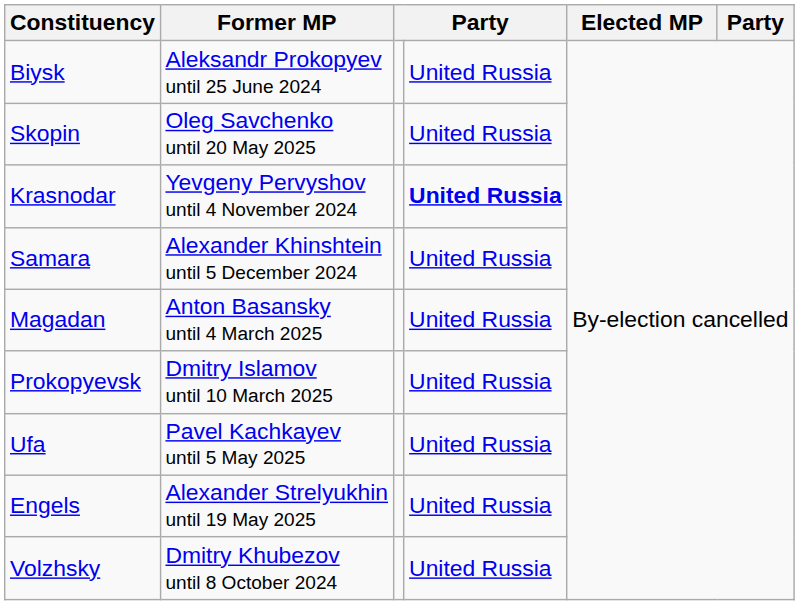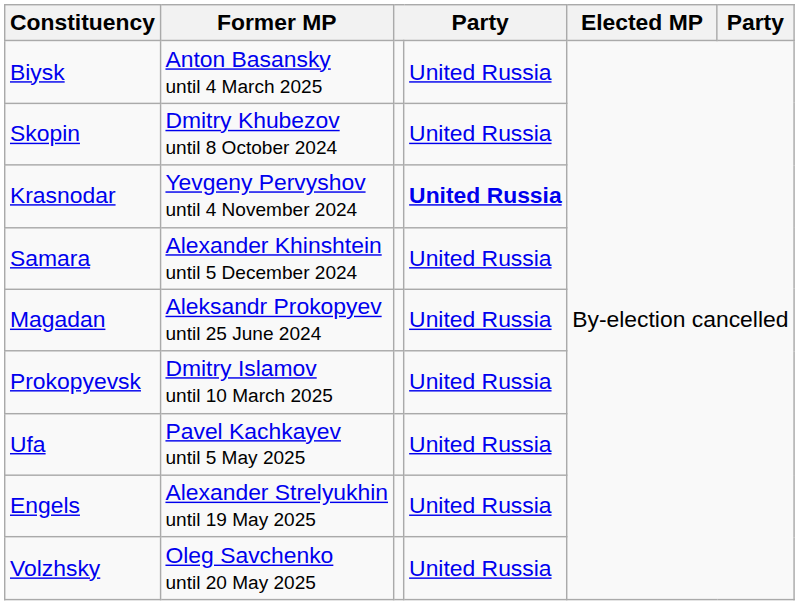 <table class="wikitable">
 <tr>
 <th>Constituency</th>
 <th>Former MP</th>
 <th colspan=2>Party</th>
 <th>Elected MP</th>
 <th colspan=2>Party</th>
 </tr>
 <tr>
 <td><a href='#'>Biysk</a></td>
-<td><a href='#'>Aleksandr Prokopyev</a><br> <small>until 25 June 2024</small></td>
+<td><a href='#'>Anton Basansky</a><br> <small>until 4 March 2025</small></td>
 <td style="background-color:"></td>
 <td><a href='#'>United Russia</a></td>
 <td rowspan=9 colspan=3>By-election cancelled</td>
 </tr>
 <tr>
 <td><a href='#'>Skopin</a></td>
-<td><a href='#'>Oleg Savchenko</a><br> <small>until 20 May 2025</small></td>
+<td><a href='#'>Dmitry Khubezov</a><br> <small>until 8 October 2024</small></td>
 <td style="background-color:"></td>
 <td><a href='#'>United Russia</a></td>
 </tr>
 <tr>
 <td><a href='#'>Krasnodar</a></td>
 <td><a href='#'>Yevgeny Pervyshov</a><br> <small>until 4 November 2024</small></td>
 <td style="background-color:"></td>
 <td><strong><a href='#'>United Russia</a></strong></td>
 </tr>
 <tr>
 <td><a href='#'>Samara</a></td>
 <td><a href='#'>Alexander Khinshtein</a><br> <small>until 5 December 2024</small></td>
 <td style="background-color:"></td>
 <td><a href='#'>United Russia</a></td>
 </tr>
 <tr>
 <td><a href='#'>Magadan</a></td>
-<td><a href='#'>Anton Basansky</a><br> <small>until 4 March 2025</small></td>
+<td><a href='#'>Aleksandr Prokopyev</a><br> <small>until 25 June 2024</small></td>
 <td style="background-color:"></td>
 <td><a href='#'>United Russia</a></td>
 </tr>
 <tr>
 <td><a href='#'>Prokopyevsk</a></td>
 <td><a href='#'>Dmitry Islamov</a><br> <small>until 10 March 2025</small></td>
 <td style="background-color:"></td>
 <td><a href='#'>United Russia</a></td>
 </tr>
 <tr>
 <td><a href='#'>Ufa</a></td>
 <td><a href='#'>Pavel Kachkayev</a><br> <small>until 5 May 2025</small></td>
 <td style="background-color:"></td>
 <td><a href='#'>United Russia</a></td>
 </tr>
 <tr>
 <td><a href='#'>Engels</a></td>
 <td><a href='#'>Alexander Strelyukhin</a><br> <small>until 19 May 2025</small></td>
 <td style="background-color:"></td>
 <td><a href='#'>United Russia</a></td>
 </tr>
 <tr>
 <td><a href='#'>Volzhsky</a></td>
-<td><a href='#'>Dmitry Khubezov</a><br> <small>until 8 October 2024</small></td>
+<td><a href='#'>Oleg Savchenko</a><br> <small>until 20 May 2025</small></td>
 <td style="background-color:"></td>
 <td><a href='#'>United Russia</a></td>
 </tr>
 </table>
